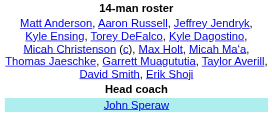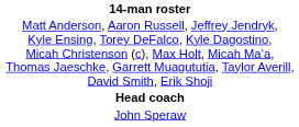 <table style="text-align:center; margin-top:2em; margin-left:auto; margin-right:auto">
 <tr>
 <td><strong>14-man roster</strong></td>
 </tr>
 <tr>
 <td><a href='#'>Matt Anderson</a>, <a href='#'>Aaron Russell</a>, <a href='#'>Jeffrey Jendryk</a>,<br><a href='#'>Kyle Ensing</a>, <a href='#'>Torey DeFalco</a>, <a href='#'>Kyle Dagostino</a>,<br><a href='#'>Micah Christenson</a> (<a href='#'>c</a>), <a href='#'>Max Holt</a>, <a href='#'>Micah Maʻa</a>,<br><a href='#'>Thomas Jaeschke</a>, <a href='#'>Garrett Muagututia</a>, <a href='#'>Taylor Averill</a>,<br><a href='#'>David Smith</a>,  <a href='#'>Erik Shoji</a></td>
 </tr>
 <tr>
 <td><strong>Head coach</strong></td>
 </tr>
 <tr>
-<td style="background: paleturquoise;"><a href='#'>John Speraw</a></td>
+<td><a href='#'>John Speraw</a></td>
 </tr>
 </table>
